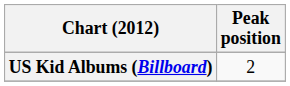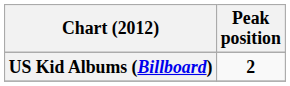 <table class="wikitable sortable plainrowheaders" style="text-align:center">
 <tr>
 <th scope="col">Chart (2012)</th>
 <th scope="col">Peak<br>position</th>
 </tr>
 <tr>
 </tr>
 <tr>
 <th scope="row">US Kid Albums (<em><a href='#'>Billboard</a></em>)</th>
-<td>2</td>
+<td><strong>2</strong></td>
 </tr>
 <tr>
 </tr>
 </table>
